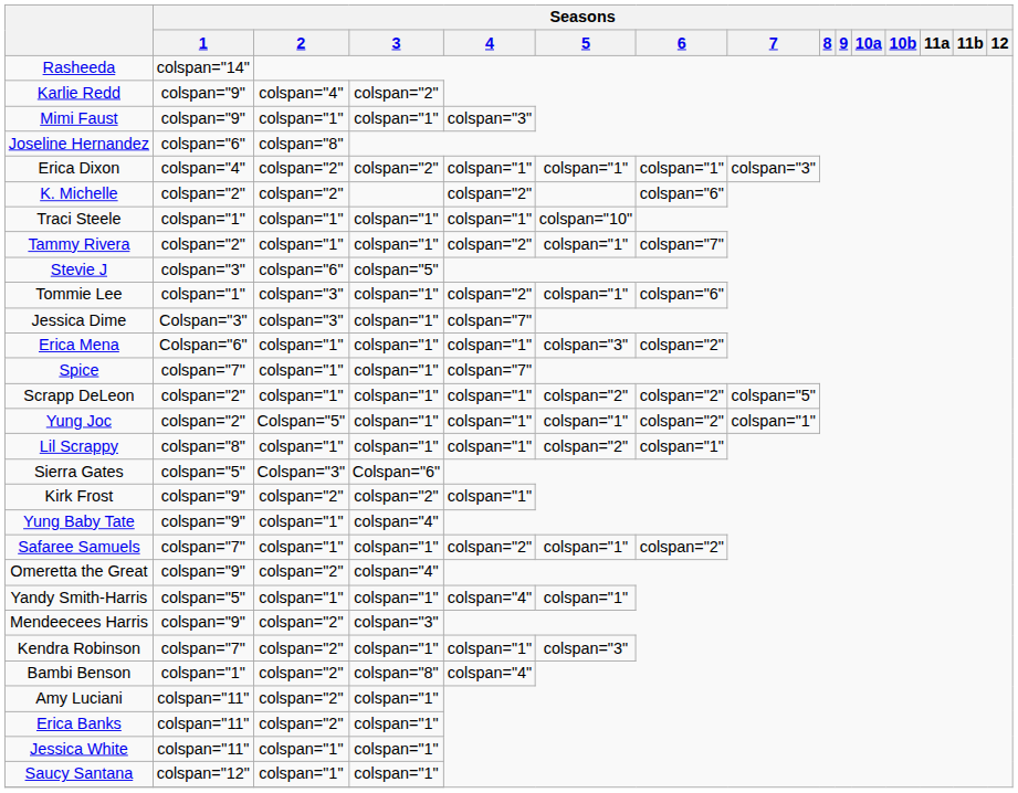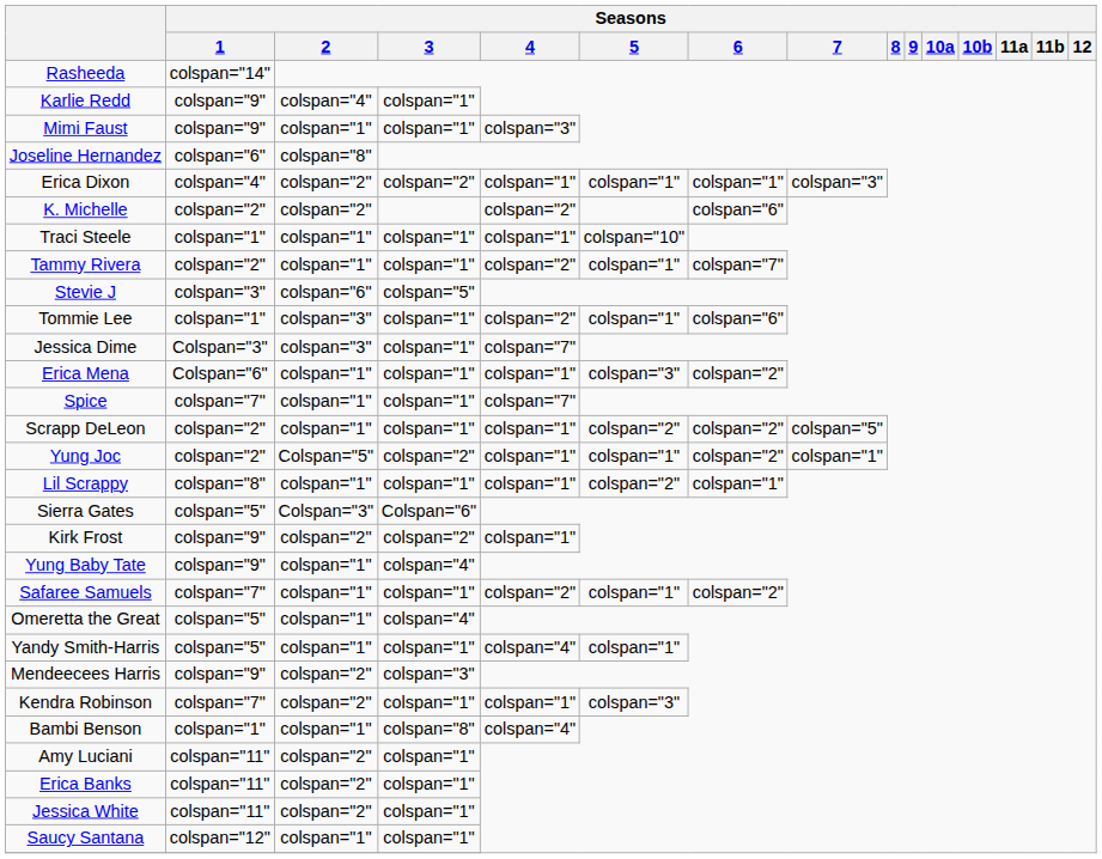 <table class="wikitable plainrowheaders" style="text-align:center;">
 <tr>
 <th rowspan="2" scope="col"></th>
 <th scope="col" colspan="14">Seasons</th>
 </tr>
 <tr>
 <th scope="col"><a href='#'>1</a></th>
 <th scope="col"><a href='#'>2</a></th>
 <th scope="col"><a href='#'>3</a></th>
 <th scope="col"><a href='#'>4</a></th>
 <th scope="col"><a href='#'>5</a></th>
 <th scope="col"><a href='#'>6</a></th>
 <th scope="col"><a href='#'>7</a></th>
 <th scope="col"><a href='#'>8</a></th>
 <th scope="col"><a href='#'>9</a></th>
 <th scope="col"><a href='#'>10a</a></th>
 <th scope="col"><a href='#'>10b</a></th>
 <th scope="col">11a</th>
 <th scope="col">11b</th>
 <th scope="col">12</th>
 </tr>
 <tr>
 <td scope="row"><a href='#'>Rasheeda</a></td>
 <td>colspan="14" </td>
 </tr>
 <tr>
 <td scope="row"><a href='#'>Karlie Redd</a></td>
 <td>colspan="9" </td>
 <td>colspan="4" </td>
-<td>colspan="2" </td>
+<td>colspan="1" </td>
 </tr>
 <tr>
 <td scope="row"><a href='#'>Mimi Faust</a></td>
 <td>colspan="9" </td>
 <td>colspan="1" </td>
 <td>colspan="1" </td>
 <td>colspan="3" </td>
 </tr>
 <tr>
 <td nowrap><a href='#'>Joseline Hernandez</a></td>
 <td>colspan="6" </td>
 <td>colspan="8" </td>
 </tr>
 <tr>
 <td scope="row">Erica Dixon</td>
 <td>colspan="4" </td>
 <td>colspan="2" </td>
 <td>colspan="2" </td>
 <td>colspan="1" </td>
 <td>colspan="1" </td>
 <td>colspan="1" </td>
 <td>colspan="3" </td>
 </tr>
 <tr>
 <td scope="row"><a href='#'>K. Michelle</a></td>
 <td>colspan="2" </td>
 <td>colspan="2" </td>
 <td></td>
 <td>colspan="2" </td>
 <td></td>
 <td>colspan="6" </td>
 </tr>
 <tr>
 <td scope="row">Traci Steele</td>
 <td>colspan="1" </td>
 <td>colspan="1" </td>
 <td>colspan="1" </td>
 <td>colspan="1" </td>
 <td>colspan="10" </td>
 </tr>
 <tr>
 <td scope="row"><a href='#'>Tammy Rivera</a></td>
 <td>colspan="2" </td>
 <td>colspan="1" </td>
 <td>colspan="1" </td>
 <td>colspan="2" </td>
 <td>colspan="1" </td>
 <td>colspan="7" </td>
 </tr>
 <tr>
 <td scope="row"><a href='#'>Stevie J</a></td>
 <td>colspan="3" </td>
 <td>colspan="6" </td>
 <td>colspan="5" </td>
 </tr>
 <tr>
 <td scope="row">Tommie Lee</td>
 <td>colspan="1" </td>
 <td>colspan="3" </td>
 <td>colspan="1" </td>
 <td>colspan="2" </td>
 <td>colspan="1" </td>
 <td>colspan="6" </td>
 </tr>
 <tr>
 <td scope="row">Jessica Dime</td>
 <td>Colspan="3" </td>
 <td>colspan="3" </td>
 <td>colspan="1" </td>
 <td>colspan="7" </td>
 </tr>
 <tr>
 <td scope="row"><a href='#'>Erica Mena</a></td>
 <td>Colspan="6" </td>
 <td>colspan="1" </td>
 <td>colspan="1" </td>
 <td>colspan="1" </td>
 <td>colspan="3" </td>
 <td>colspan="2" </td>
 </tr>
 <tr>
 <td scope="row"><a href='#'>Spice</a></td>
 <td>colspan="7" </td>
 <td>colspan="1" </td>
 <td>colspan="1" </td>
 <td>colspan="7" </td>
 </tr>
 <tr>
 <td scope="row">Scrapp DeLeon</td>
 <td>colspan="2" </td>
 <td>colspan="1" </td>
 <td>colspan="1" </td>
 <td>colspan="1" </td>
 <td>colspan="2" </td>
 <td>colspan="2" </td>
 <td>colspan="5" </td>
 </tr>
 <tr>
 <td scope="row"><a href='#'>Yung Joc</a></td>
 <td>colspan="2" </td>
 <td>Colspan="5" </td>
-<td>colspan="1" </td>
+<td>colspan="2" </td>
 <td>colspan="1" </td>
 <td>colspan="1" </td>
 <td>colspan="2" </td>
 <td>colspan="1" </td>
 </tr>
 <tr>
 <td scope="row"><a href='#'>Lil Scrappy</a></td>
 <td>colspan="8" </td>
 <td>colspan="1" </td>
 <td>colspan="1" </td>
 <td>colspan="1" </td>
 <td>colspan="2" </td>
 <td>colspan="1" </td>
 </tr>
 <tr>
 <td scope="row">Sierra Gates</td>
 <td>colspan="5" </td>
 <td>Colspan="3" </td>
 <td>Colspan="6" </td>
 </tr>
 <tr>
 <td scope="row">Kirk Frost</td>
 <td>colspan="9" </td>
 <td>colspan="2" </td>
 <td>colspan="2" </td>
 <td>colspan="1" </td>
 </tr>
 <tr>
 <td scope="row"><a href='#'>Yung Baby Tate</a></td>
 <td>colspan="9" </td>
 <td>colspan="1" </td>
 <td>colspan="4" </td>
 </tr>
 <tr>
 <td scope="row"><a href='#'>Safaree Samuels</a></td>
 <td>colspan="7" </td>
 <td>colspan="1" </td>
 <td>colspan="1" </td>
 <td>colspan="2" </td>
 <td>colspan="1" </td>
 <td>colspan="2" </td>
 </tr>
 <tr>
 <td scope="row">Omeretta the Great</td>
-<td>colspan="9" </td>
-<td>colspan="2" </td>
+<td>colspan="5" </td>
+<td>colspan="1" </td>
 <td>colspan="4" </td>
 </tr>
 <tr>
 <td scope="row">Yandy Smith-Harris</td>
 <td>colspan="5" </td>
 <td>colspan="1" </td>
 <td>colspan="1" </td>
 <td>colspan="4" </td>
 <td>colspan="1" </td>
 </tr>
 <tr>
 <td scope="row">Mendeecees Harris</td>
 <td>colspan="9" </td>
 <td>colspan="2" </td>
 <td>colspan="3" </td>
 </tr>
 <tr>
 <td scope="row">Kendra Robinson</td>
 <td>colspan="7" </td>
 <td>colspan="2" </td>
 <td>colspan="1" </td>
 <td>colspan="1" </td>
 <td>colspan="3" </td>
 </tr>
 <tr>
 <td scope="row">Bambi Benson</td>
 <td>colspan="1" </td>
-<td>colspan="2" </td>
+<td>colspan="1" </td>
 <td>colspan="8" </td>
 <td>colspan="4" </td>
 </tr>
 <tr>
 <td scope="row">Amy Luciani</td>
 <td>colspan="11" </td>
 <td>colspan="2" </td>
 <td>colspan="1" </td>
 </tr>
 <tr>
 <td scope="row"><a href='#'>Erica Banks</a></td>
 <td>colspan="11" </td>
 <td>colspan="2" </td>
 <td>colspan="1" </td>
 </tr>
 <tr>
 <td scope="row"><a href='#'>Jessica White</a></td>
 <td>colspan="11" </td>
-<td>colspan="1" </td>
+<td>colspan="2" </td>
 <td>colspan="1" </td>
 </tr>
 <tr>
 <td scope="row"><a href='#'>Saucy Santana</a></td>
 <td>colspan="12" </td>
 <td>colspan="1" </td>
 <td>colspan="1" </td>
 </tr>
 <tr>
 </tr>
 </table>
